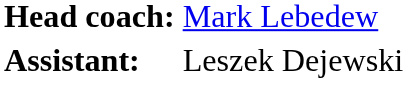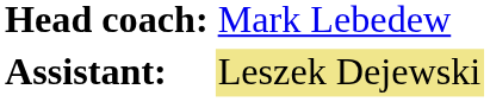 <table>
 <tr>
 <td><strong>Head coach:</strong></td>
 <td> <a href='#'>Mark Lebedew</a></td>
 </tr>
 <tr>
 <td><strong>Assistant:</strong></td>
-<td> Leszek Dejewski</td>
+<td style="background: khaki;"> Leszek Dejewski</td>
 </tr>
 <tr>
 </tr>
 </table>
